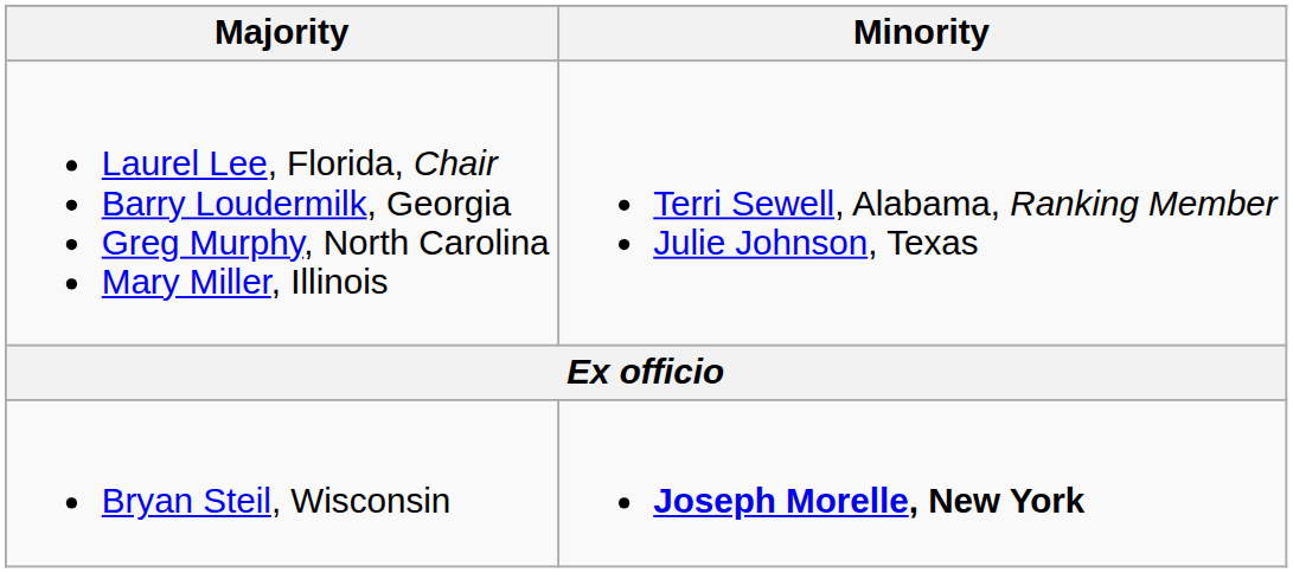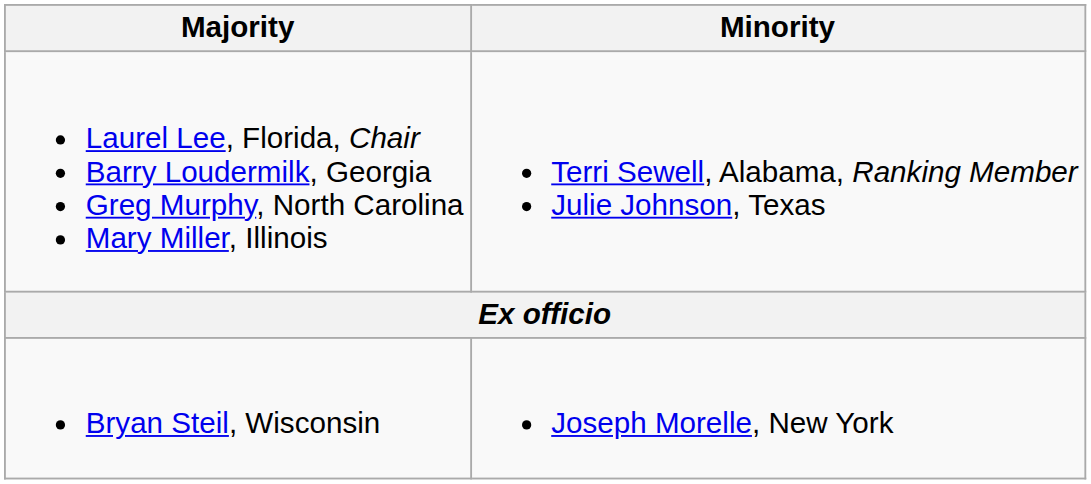 <table class=wikitable>
 <tr>
 <th>Majority</th>
 <th>Minority</th>
 </tr>
 <tr>
 <td><br><ul><li><a href='#'>Laurel Lee</a>, Florida, <em>Chair</em></li><li><a href='#'>Barry Loudermilk</a>, Georgia</li><li><a href='#'>Greg Murphy</a>, North Carolina</li><li><a href='#'>Mary Miller</a>, Illinois</li></ul></td>
 <td><br><ul><li><a href='#'>Terri Sewell</a>, Alabama, <em>Ranking Member</em></li><li><a href='#'>Julie Johnson</a>, Texas</li></ul></td>
 </tr>
 <tr>
 <th colspan=2><em>Ex officio</em></th>
 </tr>
 <tr>
 <td><br><ul><li><a href='#'>Bryan Steil</a>, Wisconsin</li></ul></td>
-<td><strong><br><ul><li><a href='#'>Joseph Morelle</a>, New York</li></ul></strong></td>
+<td><br><ul><li><a href='#'>Joseph Morelle</a>, New York</li></ul></td>
 </tr>
 </table>
